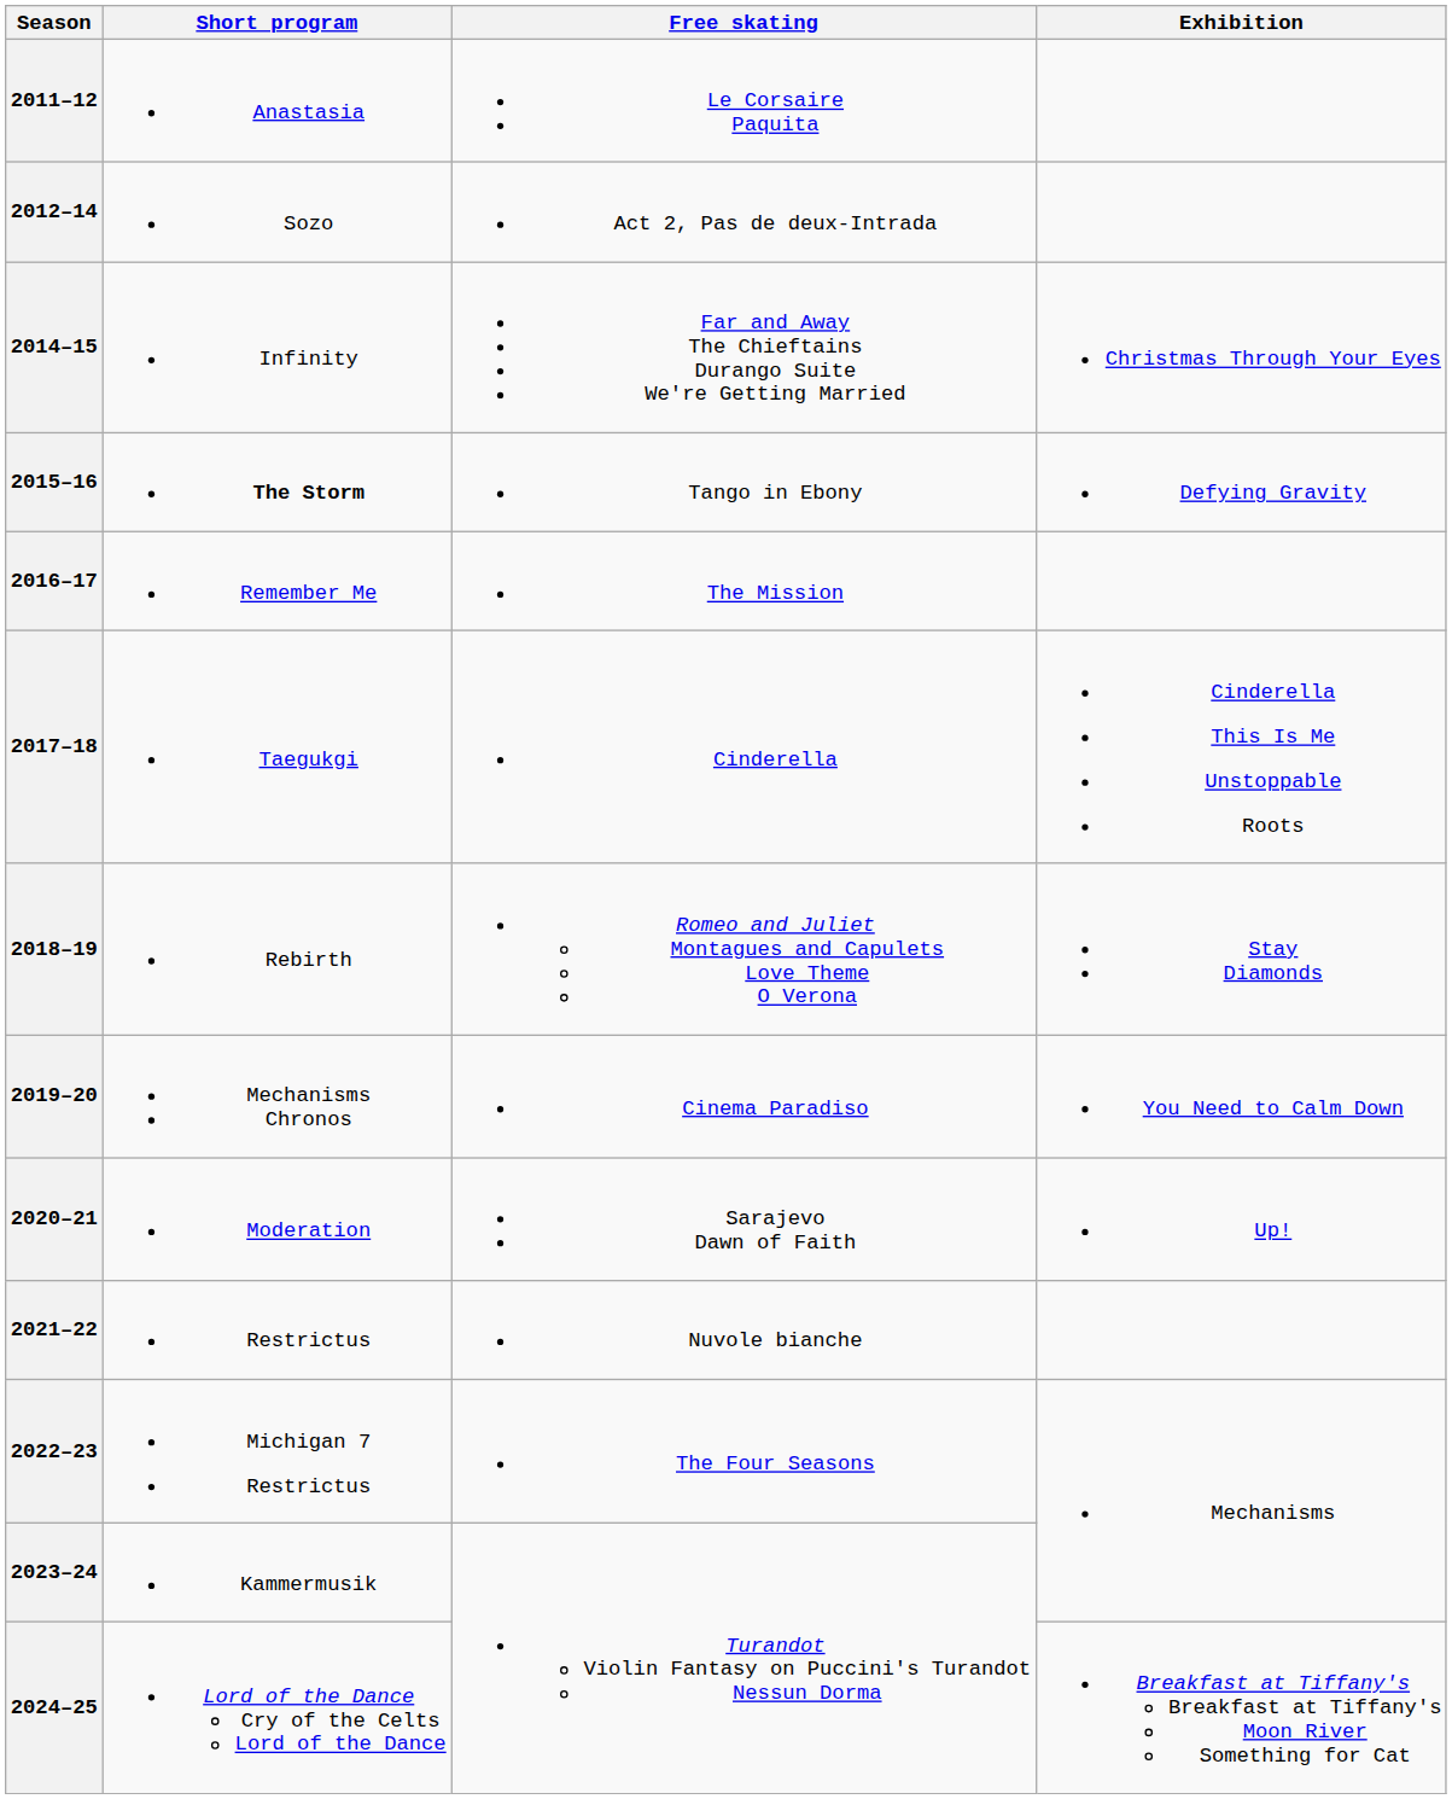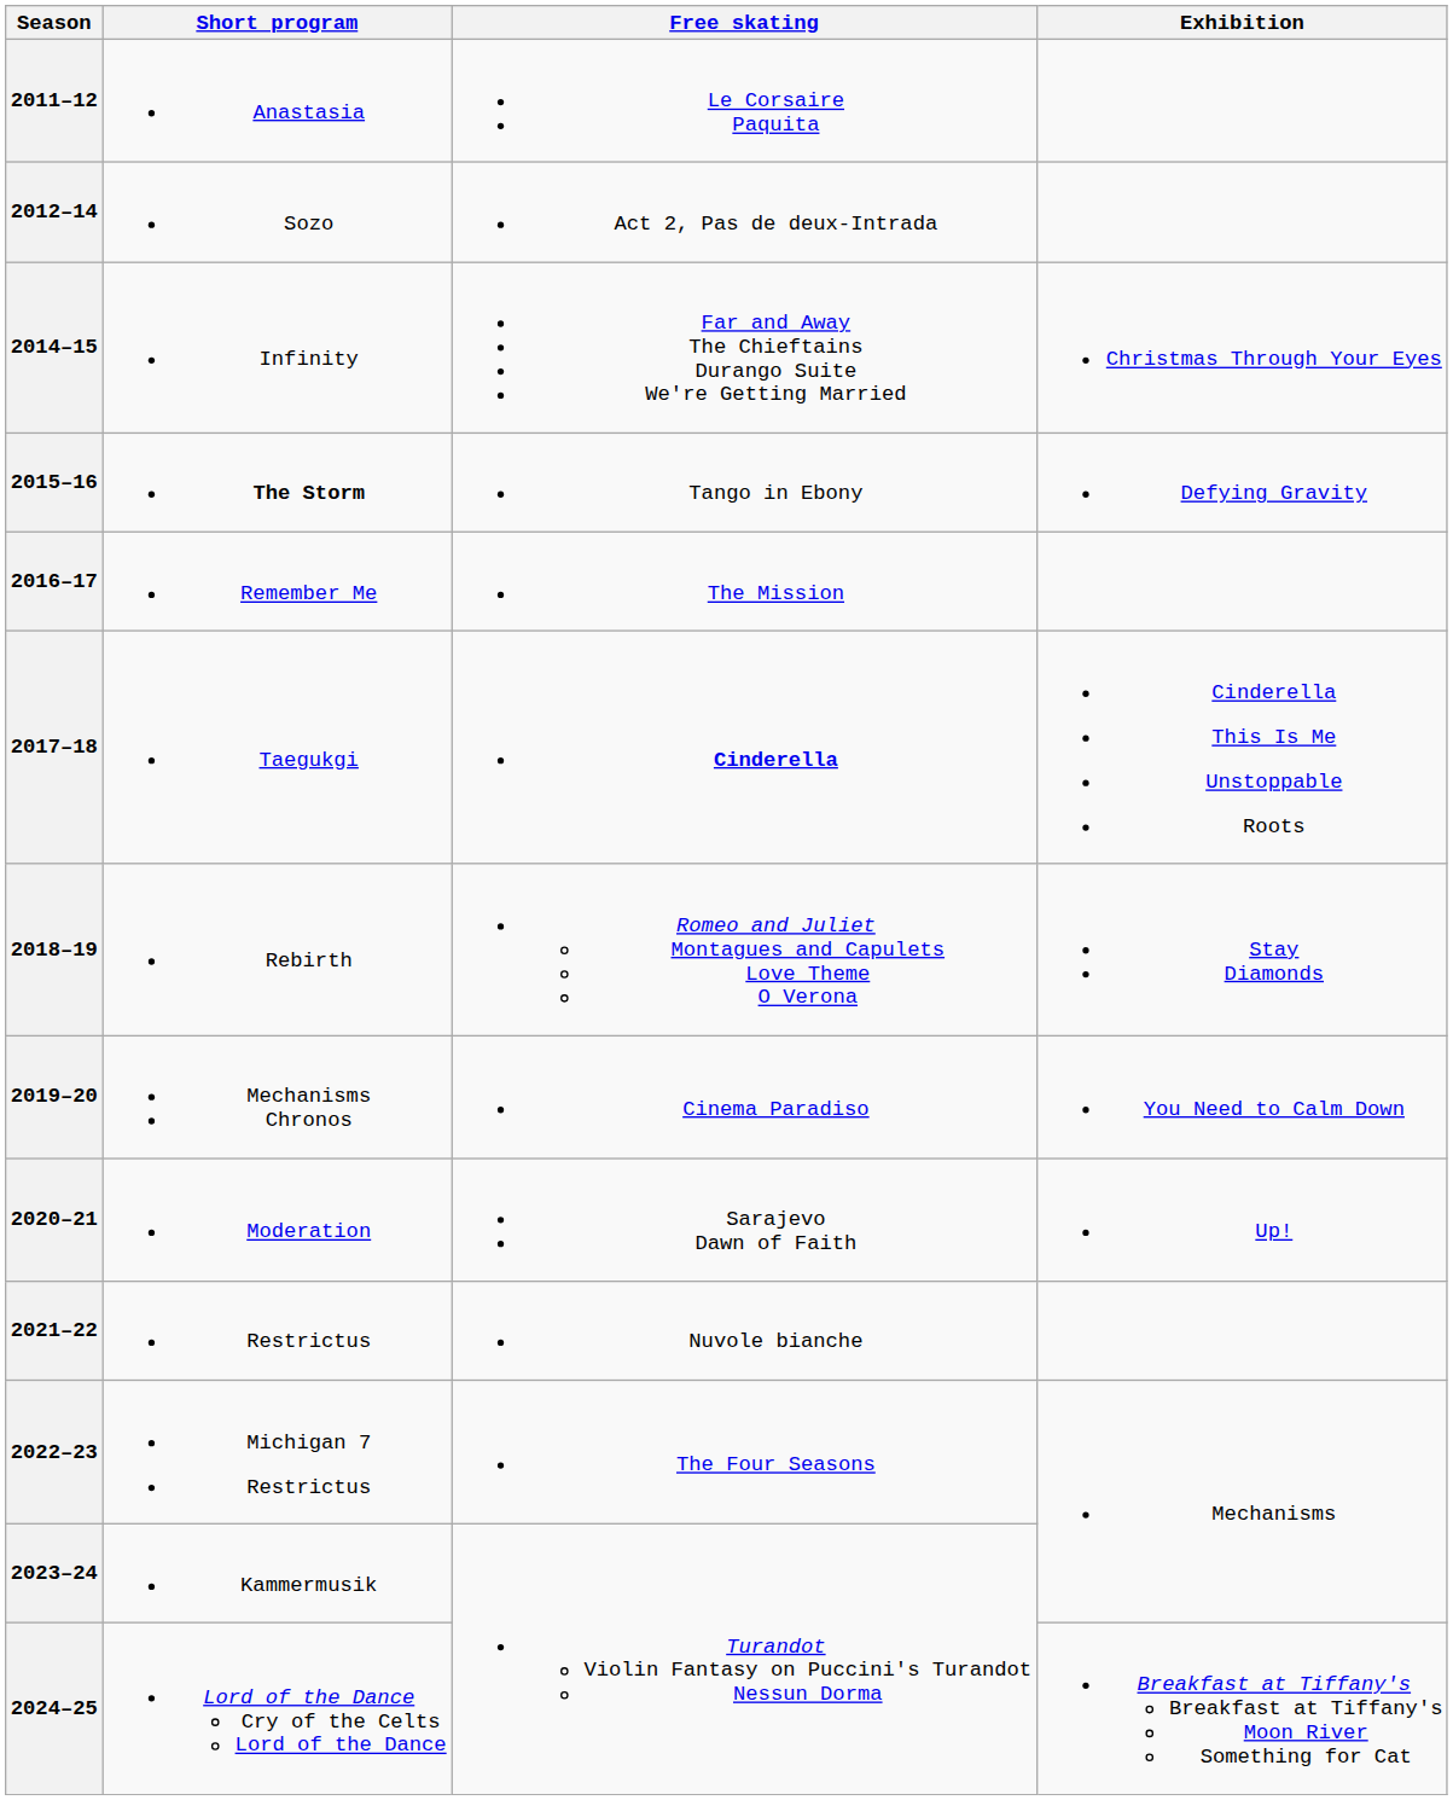 <table class=wikitable style=text-align:center>
 <tr>
 <th>Season</th>
 <th><a href='#'>Short program</a></th>
 <th><a href='#'>Free skating</a></th>
 <th>Exhibition</th>
 </tr>
 <tr>
 <th>2011–12</th>
 <td><br><ul><li><a href='#'>Anastasia</a><br></li></ul></td>
 <td><br><ul><li><a href='#'>Le Corsaire</a><br></li><li><a href='#'>Paquita</a><br></li></ul></td>
 <td></td>
 </tr>
 <tr>
 <th>2012–14<br></th>
 <td><br><ul><li>Sozo<br></li></ul></td>
 <td><br><ul><li>Act 2, Pas de deux-Intrada<br></li></ul></td>
 <td></td>
 </tr>
 <tr>
 <th>2014–15<br></th>
 <td><br><ul><li>Infinity<br></li></ul></td>
 <td><br><ul><li><a href='#'>Far and Away</a><br></li><li>The Chieftains<br></li><li>Durango Suite<br></li><li>We're Getting Married<br></li></ul></td>
 <td><br><ul><li><a href='#'>Christmas Through Your Eyes</a><br></li></ul></td>
 </tr>
 <tr>
 <th>2015–16<br></th>
 <td><strong><br><ul><li>The Storm<br></li></ul></strong></td>
 <td><br><ul><li>Tango in Ebony<br></li></ul></td>
 <td><br><ul><li><a href='#'>Defying Gravity</a><br></li></ul></td>
 </tr>
 <tr>
 <th>2016–17<br></th>
 <td><br><ul><li><a href='#'>Remember Me</a><br></li></ul></td>
 <td><br><ul><li><a href='#'>The Mission</a><br></li></ul></td>
 <td></td>
 </tr>
 <tr>
 <th>2017–18<br></th>
 <td><br><ul><li><a href='#'>Taegukgi</a><br></li></ul></td>
-<td><br><ul><li><a href='#'>Cinderella</a><br></li></ul></td>
+<td><strong><br><ul><li><a href='#'>Cinderella</a><br></li></ul></strong></td>
 <td><br><ul><li><a href='#'>Cinderella</a><br></li></ul><ul><li><a href='#'>This Is Me</a><br></li></ul><ul><li><a href='#'>Unstoppable</a><br></li></ul><ul><li>Roots<br></li></ul></td>
 </tr>
 <tr>
 <th>2018–19<br></th>
 <td><br><ul><li>Rebirth<br></li></ul></td>
 <td><br><ul><li><em><a href='#'>Romeo and Juliet</a></em><ul><li><a href='#'>Montagues and Capulets</a><br></li><li><a href='#'>Love Theme</a><br></li><li><a href='#'>O Verona</a><br></li></ul></li></ul></td>
 <td><br><ul><li><a href='#'>Stay</a><br></li><li><a href='#'>Diamonds</a><br></li></ul></td>
 </tr>
 <tr>
 <th>2019–20<br></th>
 <td><br><ul><li>Mechanisms</li><li>Chronos<br></li></ul></td>
 <td><br><ul><li><a href='#'>Cinema Paradiso</a><br></li></ul></td>
 <td><br><ul><li><a href='#'>You Need to Calm Down</a><br></li></ul></td>
 </tr>
 <tr>
 <th>2020–21<br></th>
 <td><br><ul><li><a href='#'>Moderation</a><br></li></ul></td>
 <td><br><ul><li>Sarajevo<br></li><li>Dawn of Faith<br></li></ul></td>
 <td><br><ul><li><a href='#'>Up!</a><br></li></ul></td>
 </tr>
 <tr>
 <th>2021–22<br></th>
 <td><br><ul><li>Restrictus<br></li></ul></td>
 <td><br><ul><li>Nuvole bianche<br></li></ul></td>
 <td></td>
 </tr>
 <tr>
 <th>2022–23<br></th>
 <td><br><ul><li>Michigan 7<br></li></ul><ul><li>Restrictus<br></li></ul></td>
 <td><br><ul><li><a href='#'>The Four Seasons</a><br></li></ul></td>
 <td rowspan=2><br><ul><li>Mechanisms <br></li></ul></td>
 </tr>
 <tr>
 <th>2023–24<br></th>
 <td><br><ul><li>Kammermusik<br></li></ul></td>
 <td rowspan=2><br><ul><li><em><a href='#'>Turandot</a></em><ul><li>Violin Fantasy on Puccini's Turandot <br></li><li><a href='#'>Nessun Dorma</a> <br></li></ul></li></ul></td>
 </tr>
 <tr>
 <th>2024–25 <br></th>
 <td><br><ul><li><em><a href='#'>Lord of the Dance</a></em><ul><li>Cry of the Celts</li><li><a href='#'>Lord of the Dance</a> <br></li></ul></li></ul></td>
 <td><br><ul><li><em><a href='#'>Breakfast at Tiffany's</a></em><ul><li>Breakfast at Tiffany's <br> </li><li><a href='#'>Moon River</a> <br> </li><li>Something for Cat <br> </li></ul></li></ul></td>
 </tr>
 </table>
